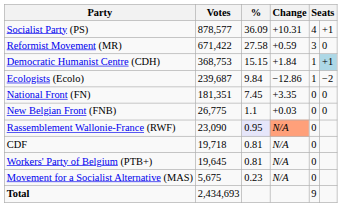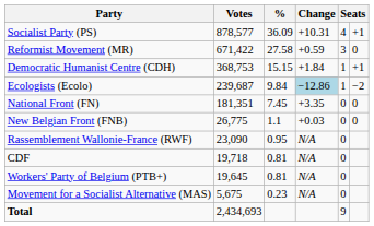 <table class="wikitable">
 <tr>
 <th>Party</th>
 <th>Votes</th>
 <th>%</th>
 <th>Change</th>
 <th colspan=2>Seats</th>
 </tr>
 <tr>
 <td><a href='#'>Socialist Party</a> (PS)</td>
 <td>878,577</td>
 <td>36.09</td>
 <td>+10.31</td>
 <td>4</td>
 <td>+1</td>
 </tr>
 <tr>
 <td><a href='#'>Reformist Movement</a> (MR)</td>
 <td>671,422</td>
 <td>27.58</td>
 <td>+0.59</td>
 <td>3</td>
 <td>0</td>
 </tr>
 <tr>
 <td><a href='#'>Democratic Humanist Centre</a> (CDH)</td>
 <td>368,753</td>
 <td>15.15</td>
 <td>+1.84</td>
 <td>1</td>
-<td style="background: lightblue;">+1</td>
+<td>+1</td>
 </tr>
 <tr>
 <td><a href='#'>Ecologists</a> (Ecolo)</td>
 <td>239,687</td>
 <td>9.84</td>
-<td>−12.86</td>
+<td style="background: lightblue;">−12.86</td>
 <td>1</td>
 <td>−2</td>
 </tr>
 <tr>
 <td><a href='#'>National Front</a> (FN)</td>
 <td>181,351</td>
 <td>7.45</td>
 <td>+3.35</td>
 <td>0</td>
 <td>0</td>
 </tr>
 <tr>
 <td><a href='#'>New Belgian Front</a> (FNB)</td>
 <td>26,775</td>
 <td>1.1</td>
 <td>+0.03</td>
 <td>0</td>
 <td>0</td>
 </tr>
 <tr>
 <td><a href='#'>Rassemblement Wallonie-France</a> (RWF)</td>
 <td>23,090</td>
-<td style="background: lavender;">0.95</td>
-<td style="background: lightsalmon;"><em>N/A</em></td>
+<td>0.95</td>
+<td><em>N/A</em></td>
 <td>0</td>
 <td></td>
 </tr>
 <tr>
 <td>CDF</td>
 <td>19,718</td>
 <td>0.81</td>
 <td><em>N/A</em></td>
 <td>0</td>
 <td></td>
 </tr>
 <tr>
 <td><a href='#'>Workers' Party of Belgium</a> (PTB+)</td>
 <td>19,645</td>
 <td>0.81</td>
 <td><em>N/A</em></td>
 <td>0</td>
 <td></td>
 </tr>
 <tr>
 <td><a href='#'>Movement for a Socialist Alternative</a> (MAS)</td>
 <td>5,675</td>
 <td>0.23</td>
 <td><em>N/A</em></td>
 <td>0</td>
 <td></td>
 </tr>
 <tr>
 <td><strong>Total</strong></td>
 <td>2,434,693</td>
 <td> </td>
 <td> </td>
 <td>9</td>
 <td></td>
 </tr>
 </table>
